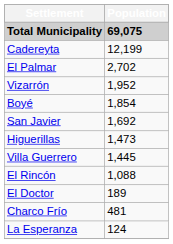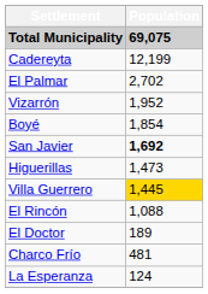 <table class="wikitable">
 <tr style="background:#000000; color:#FFFFFF;">
 <th><strong>Settlement</strong></th>
 <th><strong>Population</strong></th>
 </tr>
 <tr style="background:#CFCFCF;">
 <td><strong>Total Municipality</strong></td>
 <td><strong>69,075</strong></td>
 </tr>
 <tr>
 <td><a href='#'>Cadereyta</a></td>
 <td>12,199</td>
 </tr>
 <tr>
 <td><a href='#'>El Palmar</a></td>
 <td>2,702</td>
 </tr>
 <tr>
 <td><a href='#'>Vizarrón</a></td>
 <td>1,952</td>
 </tr>
 <tr>
 <td><a href='#'>Boyé</a></td>
 <td>1,854</td>
 </tr>
 <tr>
 <td><a href='#'>San Javier</a></td>
-<td>1,692</td>
+<td><strong>1,692</strong></td>
 </tr>
 <tr>
 <td><a href='#'>Higuerillas</a></td>
 <td>1,473</td>
 </tr>
 <tr>
 <td><a href='#'>Villa Guerrero</a></td>
-<td>1,445</td>
+<td style="background: gold;">1,445</td>
 </tr>
 <tr>
 <td><a href='#'>El Rincón</a></td>
 <td>1,088</td>
 </tr>
 <tr>
 <td><a href='#'>El Doctor</a></td>
 <td>189</td>
 </tr>
 <tr>
 <td><a href='#'>Charco Frío</a></td>
 <td>481</td>
 </tr>
 <tr>
 <td><a href='#'>La Esperanza</a></td>
 <td>124</td>
 </tr>
 <tr>
 </tr>
 </table>
